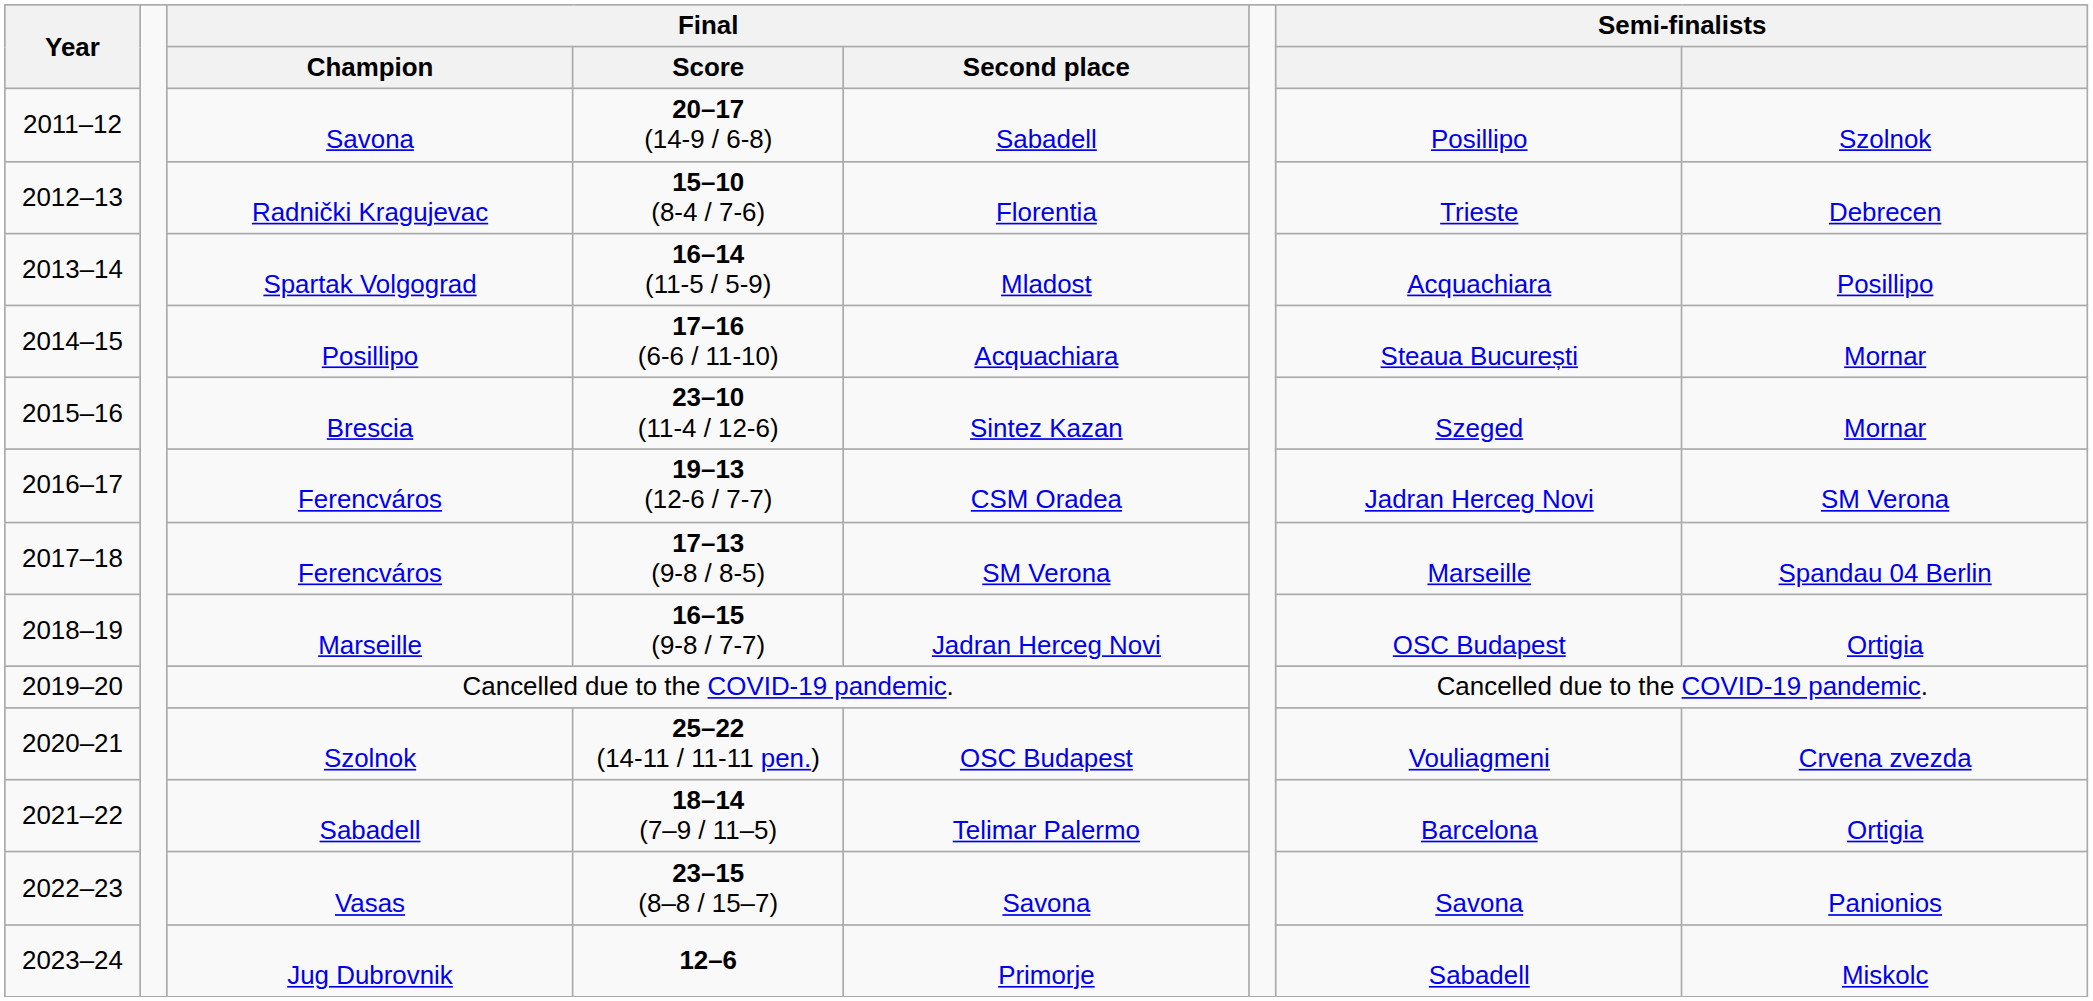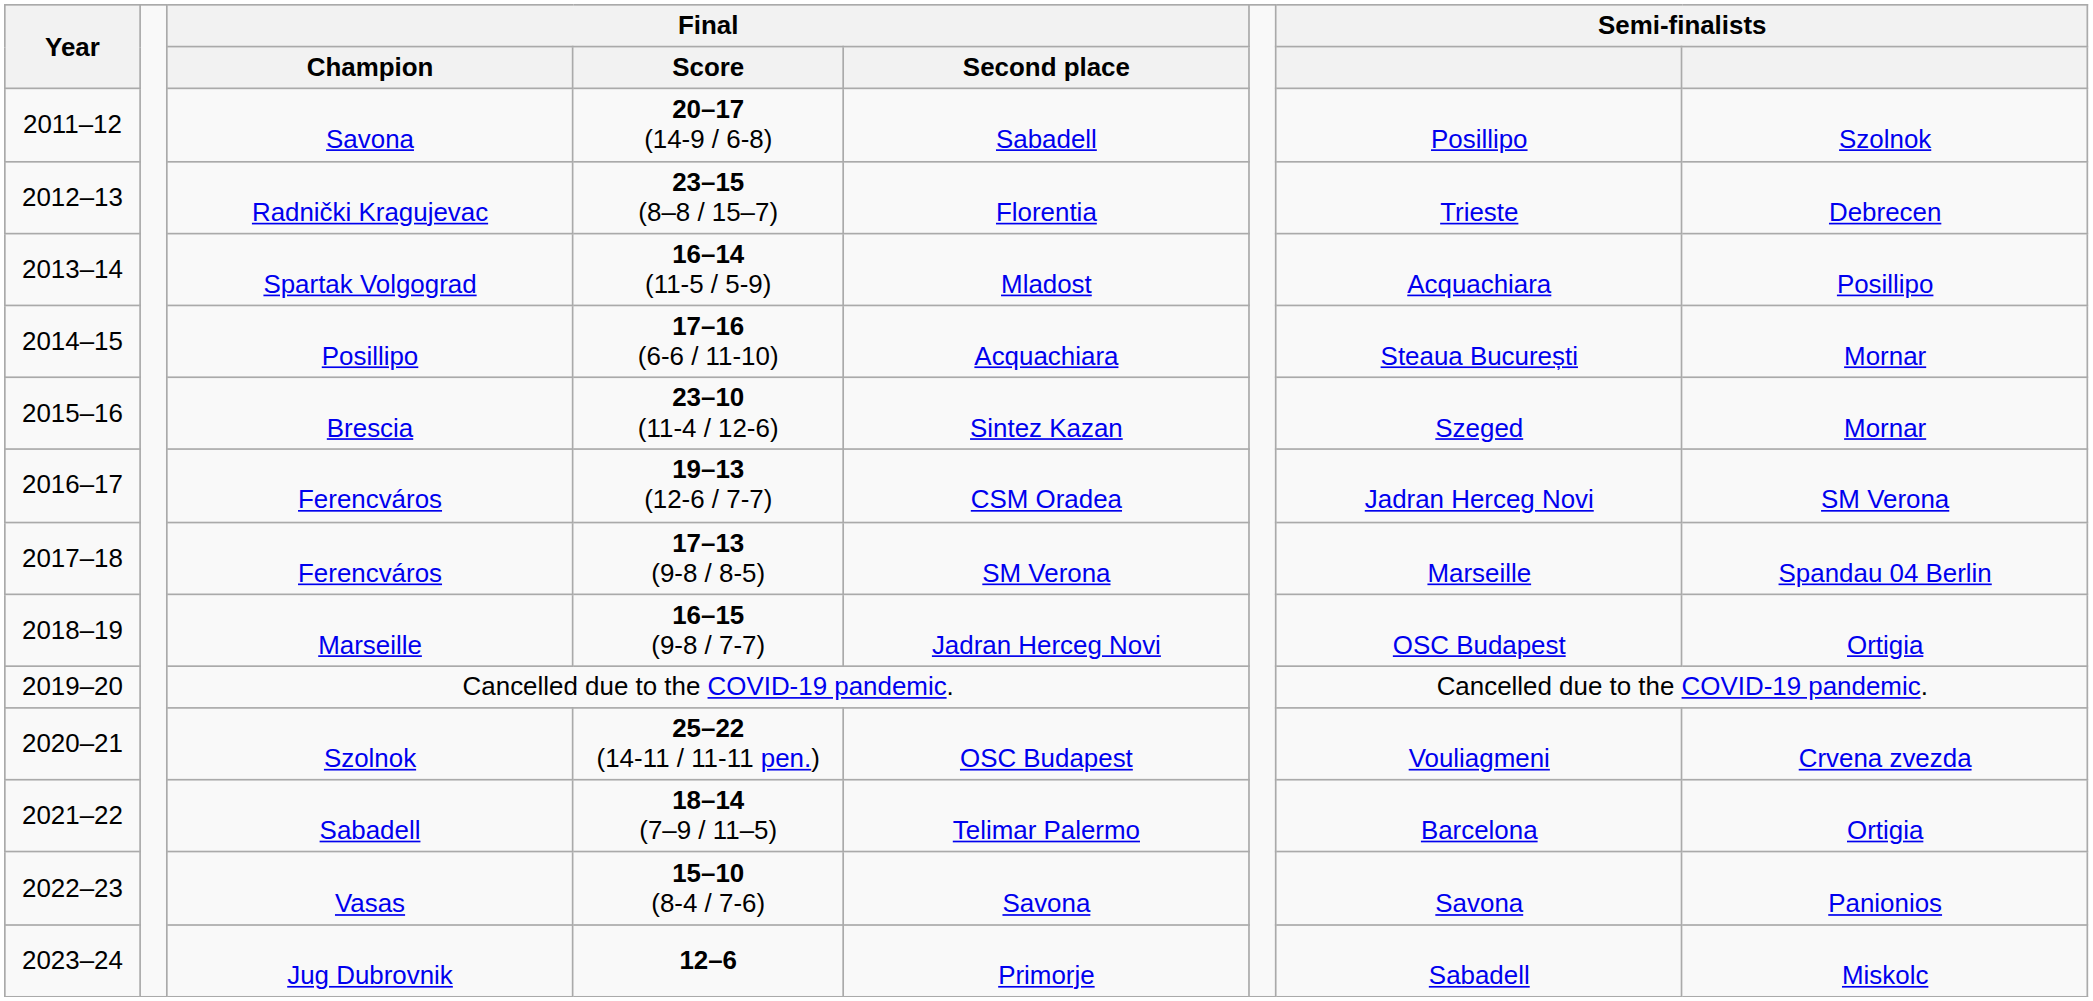 <table class="wikitable" style="font-size: 97%; text-align: center;">
 <tr>
 <th rowspan="2" style="width:5%;">Year</th>
 <td style="width:1%;" rowspan="15"></td>
 <th colspan=3>Final</th>
 <td style="width:1%;" rowspan="15"></td>
 <th colspan=2>Semi-finalists</th>
 </tr>
 <tr>
 <th width=15%>Champion</th>
 <th width=10%>Score</th>
 <th width=15%>Second place</th>
 <th width=15%></th>
 <th width=15%></th>
 </tr>
 <tr>
 <td>2011–12<br></td>
 <td><br> <a href='#'>Savona</a></td>
 <td><strong>20–17</strong> <br> (14-9 / 6-8)</td>
 <td><br> <a href='#'>Sabadell</a></td>
 <td><br> <a href='#'>Posillipo</a></td>
 <td><br> <a href='#'>Szolnok</a></td>
 </tr>
 <tr>
 <td>2012–13<br></td>
 <td><br> <a href='#'>Radnički Kragujevac</a></td>
-<td><strong>15–10</strong> <br> (8-4 / 7-6)</td>
+<td><strong>23–15</strong> <br> (8–8 / 15–7)</td>
 <td><br> <a href='#'>Florentia</a></td>
 <td><br> <a href='#'>Trieste</a></td>
 <td><br> <a href='#'>Debrecen</a></td>
 </tr>
 <tr>
 <td>2013–14<br></td>
 <td><br> <a href='#'>Spartak Volgograd</a></td>
 <td><strong>16–14</strong> <br> (11-5 / 5-9)</td>
 <td><br> <a href='#'>Mladost</a></td>
 <td><br> <a href='#'>Acquachiara</a></td>
 <td><br> <a href='#'>Posillipo</a></td>
 </tr>
 <tr>
 <td>2014–15<br></td>
 <td><br> <a href='#'>Posillipo</a></td>
 <td><strong>17–16</strong> <br> (6-6 / 11-10)</td>
 <td><br> <a href='#'>Acquachiara</a></td>
 <td><br> <a href='#'>Steaua București</a></td>
 <td><br> <a href='#'>Mornar</a></td>
 </tr>
 <tr>
 <td>2015–16<br></td>
 <td><br> <a href='#'>Brescia</a></td>
 <td><strong>23–10</strong> <br> (11-4 / 12-6)</td>
 <td><br> <a href='#'>Sintez Kazan</a></td>
 <td><br> <a href='#'>Szeged</a></td>
 <td><br> <a href='#'>Mornar</a></td>
 </tr>
 <tr>
 <td>2016–17<br></td>
 <td><br> <a href='#'>Ferencváros</a></td>
 <td><strong>19–13</strong> <br> (12-6 / 7-7)</td>
 <td><br> <a href='#'>CSM Oradea</a></td>
 <td><br> <a href='#'>Jadran Herceg Novi</a></td>
 <td><br> <a href='#'>SM Verona</a></td>
 </tr>
 <tr>
 <td>2017–18<br></td>
 <td><br> <a href='#'>Ferencváros</a></td>
 <td><strong>17–13</strong> <br> (9-8 / 8-5)</td>
 <td><br> <a href='#'>SM Verona</a></td>
 <td><br> <a href='#'>Marseille</a></td>
 <td><br> <a href='#'>Spandau 04 Berlin</a></td>
 </tr>
 <tr>
 <td>2018–19<br></td>
 <td><br> <a href='#'>Marseille</a></td>
 <td><strong>16–15</strong> <br> (9-8 / 7-7)</td>
 <td><br> <a href='#'>Jadran Herceg Novi</a></td>
 <td><br> <a href='#'>OSC Budapest</a></td>
 <td><br> <a href='#'>Ortigia</a></td>
 </tr>
 <tr>
 <td>2019–20<br></td>
 <td colspan=3 align=center>Cancelled due to the <a href='#'>COVID-19 pandemic</a>.</td>
 <td colspan=2 align=center>Cancelled due to the <a href='#'>COVID-19 pandemic</a>.</td>
 </tr>
 <tr>
 <td>2020–21<br></td>
 <td><br> <a href='#'>Szolnok</a></td>
 <td><strong>25–22</strong> <br> (14-11 / 11-11 <a href='#'>pen.</a>)</td>
 <td><br> <a href='#'>OSC Budapest</a></td>
 <td><br> <a href='#'>Vouliagmeni</a></td>
 <td><br> <a href='#'>Crvena zvezda</a></td>
 </tr>
 <tr>
 <td>2021–22<br></td>
 <td><br> <a href='#'>Sabadell</a></td>
 <td><strong>18–14</strong> <br> (7–9 / 11–5)</td>
 <td><br> <a href='#'>Telimar Palermo</a></td>
 <td><br> <a href='#'>Barcelona</a></td>
 <td><br> <a href='#'>Ortigia</a></td>
 </tr>
 <tr>
 <td>2022–23<br></td>
 <td><br> <a href='#'>Vasas</a></td>
-<td><strong>23–15</strong> <br> (8–8 / 15–7)</td>
+<td><strong>15–10</strong> <br> (8-4 / 7-6)</td>
 <td><br> <a href='#'>Savona</a></td>
 <td><br> <a href='#'>Savona</a></td>
 <td><br> <a href='#'>Panionios</a></td>
 </tr>
 <tr>
 <td>2023–24<br></td>
 <td><br> <a href='#'>Jug Dubrovnik</a></td>
 <td><strong>12–6</strong></td>
 <td><br> <a href='#'>Primorje</a></td>
 <td><br> <a href='#'>Sabadell</a></td>
 <td><br> <a href='#'>Miskolc</a></td>
 </tr>
 </table>
